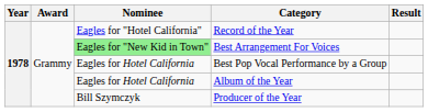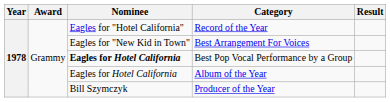 <table class="wikitable">
 <tr>
 <th scope="col">Year</th>
 <th scope="col">Award</th>
 <th scope="col">Nominee</th>
 <th scope="col">Category</th>
 <th scope="col">Result</th>
 </tr>
 <tr>
 <th scope="row" rowspan="5">1978</th>
 <td rowspan="5">Grammy</td>
 <td><a href='#'>Eagles</a> for "Hotel California"</td>
 <td><a href='#'>Record of the Year</a></td>
 <td></td>
 </tr>
 <tr>
-<td style="background: lightgreen;">Eagles for "New Kid in Town"</td>
+<td>Eagles for "New Kid in Town"</td>
 <td><a href='#'>Best Arrangement For Voices</a></td>
 <td></td>
 </tr>
 <tr>
-<td>Eagles for <em>Hotel California</em></td>
+<td><strong>Eagles for <em>Hotel California</em></strong></td>
 <td>Best Pop Vocal Performance by a Group</td>
 <td></td>
 </tr>
 <tr>
 <td>Eagles for <em>Hotel California</em></td>
 <td><a href='#'>Album of the Year</a></td>
 <td></td>
 </tr>
 <tr>
 <td>Bill Szymczyk</td>
 <td><a href='#'>Producer of the Year</a></td>
 <td></td>
 </tr>
 </table>
